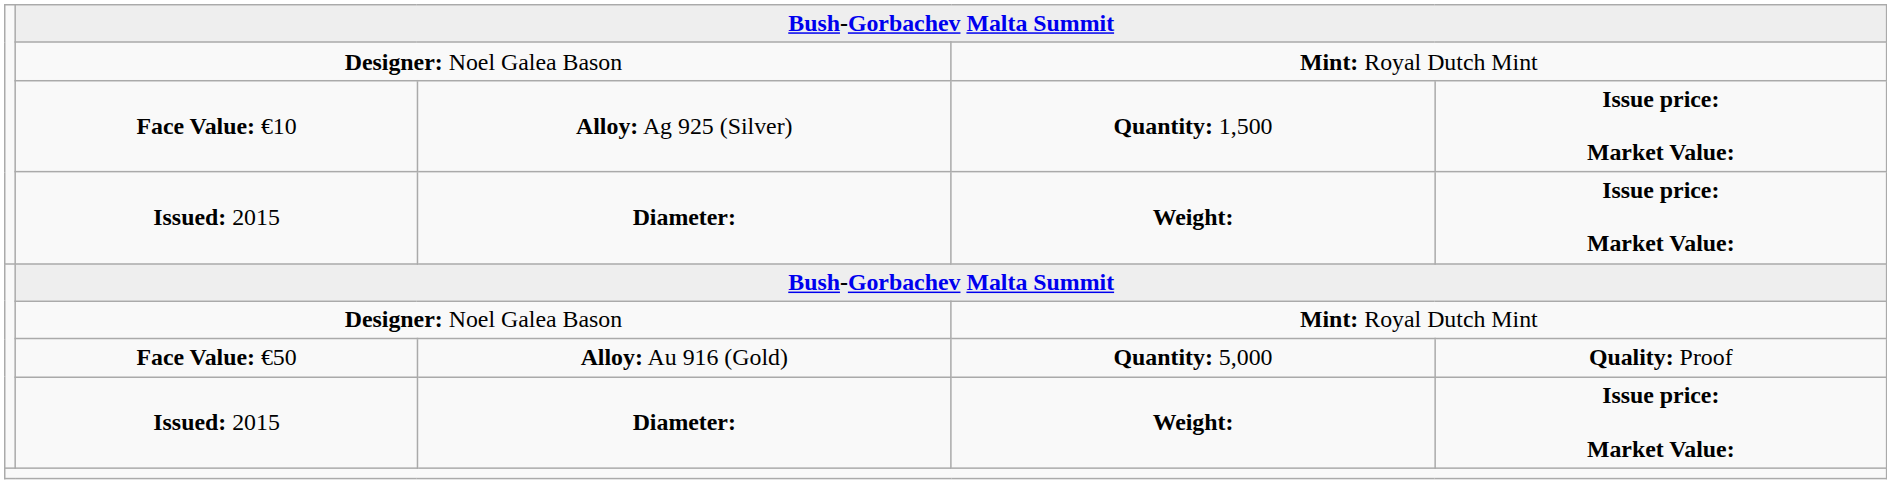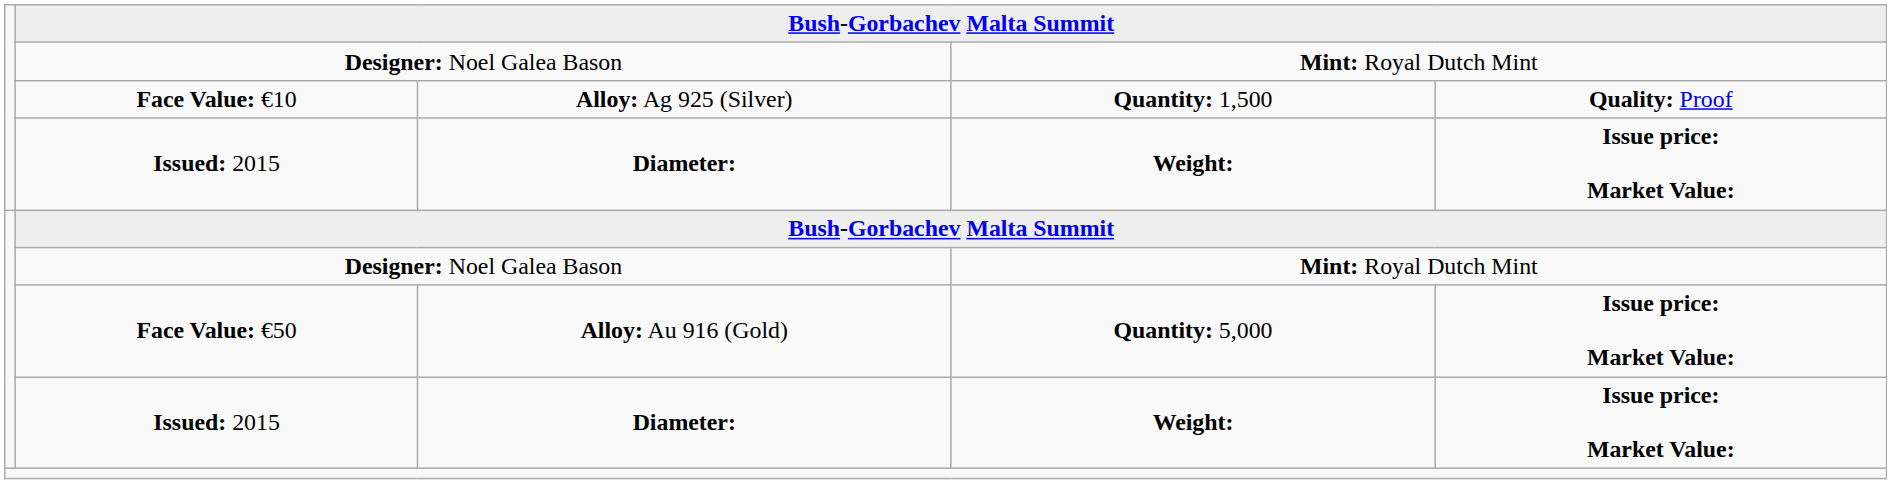 <table class="wikitable" width=100%>
 <tr>
 <td rowspan=4 width="330px" nowrap align=center></td>
 <th colspan="4" align=center style="background:#eeeeee;"><a href='#'>Bush</a>-<a href='#'>Gorbachev</a> <a href='#'>Malta Summit</a></th>
 </tr>
 <tr>
 <td colspan="2" width="50%" align=center><strong>Designer:</strong> Noel Galea Bason</td>
 <td colspan="2" width="50%" align=center><strong>Mint:</strong> Royal Dutch Mint</td>
 </tr>
 <tr>
 <td align=center><strong>Face Value:</strong> €10</td>
 <td align=center><strong>Alloy:</strong> Ag 925 (Silver)</td>
 <td align=center><strong>Quantity:</strong> 1,500</td>
-<td align=center><strong>Issue price:</strong><br><br> <strong>Market Value:</strong></td>
+<td align=center><strong>Quality:</strong> <a href='#'>Proof</a></td>
 </tr>
 <tr>
 <td align=center><strong>Issued:</strong> 2015</td>
 <td align=center><strong>Diameter:</strong> </td>
 <td align=center><strong>Weight:</strong> </td>
 <td align=center><strong>Issue price:</strong><br><br> <strong>Market Value:</strong></td>
 </tr>
 <tr>
 <td rowspan=4 width="330px" nowrap align=center></td>
 <th colspan="4" align=center style="background:#eeeeee;"><a href='#'>Bush</a>-<a href='#'>Gorbachev</a> <a href='#'>Malta Summit</a></th>
 </tr>
 <tr>
 <td colspan="2" width="50%" align=center><strong>Designer:</strong> Noel Galea Bason</td>
 <td colspan="2" width="50%" align=center><strong>Mint:</strong> Royal Dutch Mint</td>
 </tr>
 <tr>
 <td align=center><strong>Face Value:</strong> €50</td>
 <td align=center><strong>Alloy:</strong> Au 916 (Gold)</td>
 <td align=center><strong>Quantity:</strong> 5,000</td>
-<td align=center><strong>Quality:</strong> Proof</td>
+<td align=center><strong>Issue price:</strong><br><br> <strong>Market Value:</strong></td>
 </tr>
 <tr>
 <td align=center><strong>Issued:</strong> 2015</td>
 <td align=center><strong>Diameter:</strong> </td>
 <td align=center><strong>Weight:</strong> </td>
 <td align=center><strong>Issue price:</strong><br><br> <strong>Market Value:</strong></td>
 </tr>
 <tr>
 <td colspan="5" align=left></td>
 </tr>
 </table>
